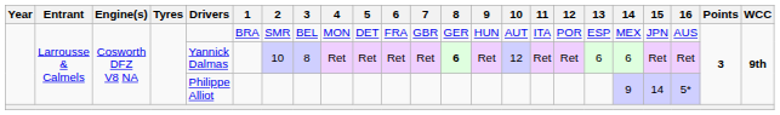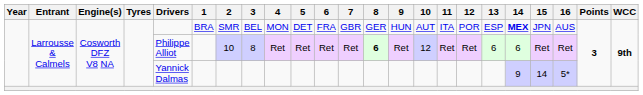 <table class="wikitable" style="text-align:center; font-size:95%">
 <tr>
 <th>Year</th>
 <th>Entrant</th>
 <th>Engine(s)</th>
 <th>Tyres</th>
 <th>Drivers</th>
 <th>1</th>
 <th>2</th>
 <th>3</th>
 <th>4</th>
 <th>5</th>
 <th>6</th>
 <th>7</th>
 <th>8</th>
 <th>9</th>
 <th>10</th>
 <th>11</th>
 <th>12</th>
 <th>13</th>
 <th>14</th>
 <th>15</th>
 <th>16</th>
 <th>Points</th>
 <th>WCC</th>
 </tr>
 <tr>
 <td rowspan="3"></td>
 <td rowspan="3"><a href='#'>Larrousse & Calmels</a></td>
 <td rowspan="3"><a href='#'>Cosworth DFZ</a><br><a href='#'>V8</a> <a href='#'>NA</a></td>
 <td rowspan="3"></td>
 <td></td>
 <td><a href='#'>BRA</a></td>
 <td><a href='#'>SMR</a></td>
 <td><a href='#'>BEL</a></td>
 <td><a href='#'>MON</a></td>
 <td><a href='#'>DET</a></td>
 <td><a href='#'>FRA</a></td>
 <td><a href='#'>GBR</a></td>
 <td><a href='#'>GER</a></td>
 <td><a href='#'>HUN</a></td>
 <td><a href='#'>AUT</a></td>
 <td><a href='#'>ITA</a></td>
 <td><a href='#'>POR</a></td>
 <td><a href='#'>ESP</a></td>
-<td><a href='#'>MEX</a></td>
+<td><strong><a href='#'>MEX</a></strong></td>
 <td><a href='#'>JPN</a></td>
 <td><a href='#'>AUS</a></td>
 <td rowspan="3"><strong>3</strong></td>
 <td rowspan="3"><strong>9th</strong></td>
 </tr>
 <tr>
-<td align="left"><a href='#'>Yannick Dalmas</a></td>
+<td align="left"><a href='#'>Philippe Alliot</a></td>
 <td></td>
 <td style="background:#cfcfff;">10</td>
 <td style="background:#cfcfff;">8</td>
 <td style="background:#efcfff;">Ret</td>
 <td style="background:#efcfff;">Ret</td>
 <td style="background:#efcfff;">Ret</td>
 <td style="background:#efcfff;">Ret</td>
 <td style="background:#dfffdf;"><strong>6</strong></td>
 <td style="background:#efcfff;">Ret</td>
 <td style="background:#cfcfff;">12</td>
 <td style="background:#efcfff;">Ret</td>
 <td style="background:#efcfff;">Ret</td>
 <td style="background:#dfffdf;">6</td>
 <td style="background:#dfffdf;">6</td>
 <td style="background:#efcfff;">Ret</td>
 <td style="background:#efcfff;">Ret</td>
 </tr>
 <tr>
-<td align="left"><a href='#'>Philippe Alliot</a></td>
+<td align="left"><a href='#'>Yannick Dalmas</a></td>
 <td></td>
 <td></td>
 <td></td>
 <td></td>
 <td></td>
 <td></td>
 <td></td>
 <td></td>
 <td></td>
 <td></td>
 <td></td>
 <td></td>
 <td></td>
 <td style="background:#cfcfff;">9</td>
 <td style="background:#cfcfff;">14</td>
 <td style="background:#cfcfff;">5*</td>
 </tr>
 <tr>
 <th colspan="23"></th>
 </tr>
 </table>
